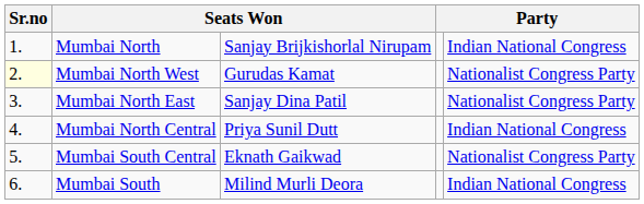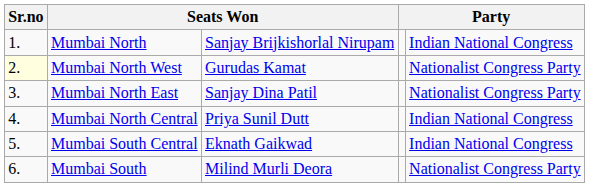 <table class="wikitable sortable">
 <tr>
 <th>Sr.no</th>
 <th colspan="2">Seats Won</th>
 <th colspan="2">Party</th>
 </tr>
 <tr>
 <td>1.</td>
 <td><a href='#'>Mumbai North</a></td>
 <td><a href='#'>Sanjay Brijkishorlal Nirupam</a></td>
 <td style="background-color: "></td>
 <td><a href='#'>Indian National Congress</a></td>
 </tr>
 <tr>
 <td style="background: lightyellow;">2.</td>
 <td><a href='#'>Mumbai North West</a></td>
 <td><a href='#'>Gurudas Kamat</a></td>
 <td style="background-color: "></td>
 <td><a href='#'>Nationalist Congress Party</a></td>
 </tr>
 <tr>
 <td>3.</td>
 <td><a href='#'>Mumbai North East</a></td>
 <td><a href='#'>Sanjay Dina Patil</a></td>
 <td style="background-color: "></td>
 <td><a href='#'>Nationalist Congress Party</a></td>
 </tr>
 <tr>
 <td>4.</td>
 <td><a href='#'>Mumbai North Central</a></td>
 <td><a href='#'>Priya Sunil Dutt</a></td>
 <td style="background-color: "></td>
 <td><a href='#'>Indian National Congress</a></td>
 </tr>
 <tr>
 <td>5.</td>
 <td><a href='#'>Mumbai South Central</a></td>
 <td><a href='#'>Eknath Gaikwad</a></td>
 <td style="background-color: "></td>
-<td><a href='#'>Nationalist Congress Party</a></td>
+<td><a href='#'>Indian National Congress</a></td>
 </tr>
 <tr>
 <td>6.</td>
 <td><a href='#'>Mumbai South</a></td>
 <td><a href='#'>Milind Murli Deora</a></td>
 <td style="background-color: "></td>
-<td><a href='#'>Indian National Congress</a></td>
+<td><a href='#'>Nationalist Congress Party</a></td>
 </tr>
 </table>
